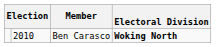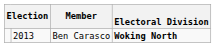 <table class="wikitable">
 <tr>
 <th colspan="2">Election</th>
 <th>Member</th>
 <th><br>Electoral Division</th>
 </tr>
 <tr>
 <td style="background-color: "></td>
-<td>2010</td>
+<td>2013</td>
 <td>Ben Carasco</td>
 <td><strong>Woking North</strong></td>
 </tr>
 </table>
